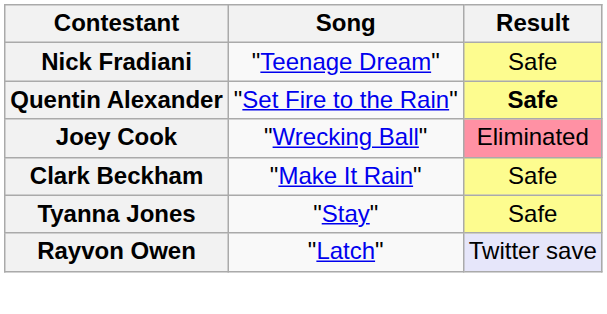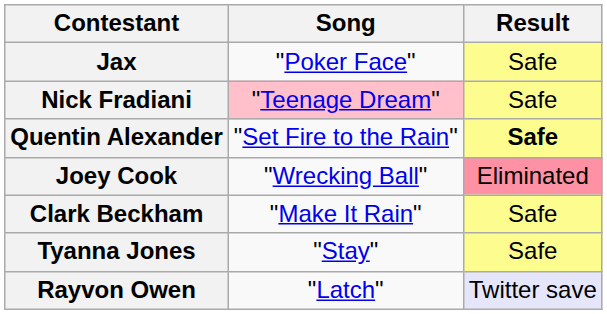 <table class="wikitable unsortable" style="text-align:center;">
 <tr>
 <th scope="col">Contestant</th>
 <th scope="col">Song</th>
 <th scope="col">Result</th>
 </tr>
 <tr>
+<th scope="row">Jax</th>
+<td>"<a href='#'>Poker Face</a>"</td>
+<td style="background:#FDFC8F">Safe</td>
+</tr>
+<tr>
 <th scope="row">Nick Fradiani</th>
-<td>"<a href='#'>Teenage Dream</a>"</td>
+<td style="background: pink;">"<a href='#'>Teenage Dream</a>"</td>
 <td style="background:#FDFC8F">Safe</td>
 </tr>
 <tr>
 <th scope="row">Quentin Alexander</th>
 <td>"<a href='#'>Set Fire to the Rain</a>"</td>
 <td style="background:#FDFC8F"><strong>Safe</strong></td>
 </tr>
 <tr>
 <th scope="row">Joey Cook</th>
 <td>"<a href='#'>Wrecking Ball</a>"</td>
 <td bgcolor="FF91A4">Eliminated</td>
 </tr>
 <tr>
 <th scope="row">Clark Beckham</th>
 <td>"<a href='#'>Make It Rain</a>"</td>
 <td style="background:#FDFC8F">Safe</td>
 </tr>
 <tr>
 <th scope="row">Tyanna Jones</th>
 <td>"<a href='#'>Stay</a>"</td>
 <td style="background:#FDFC8F">Safe</td>
 </tr>
 <tr>
 <th scope="row">Rayvon Owen</th>
 <td>"<a href='#'>Latch</a>"</td>
 <td style="background:lavender">Twitter save</td>
 </tr>
 </table>
